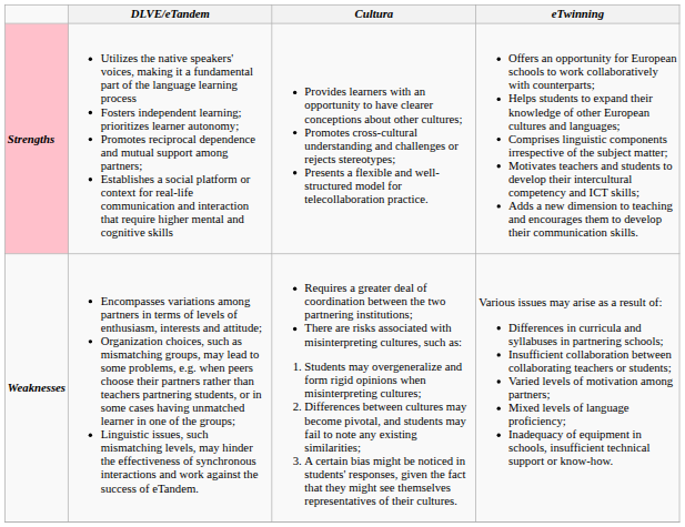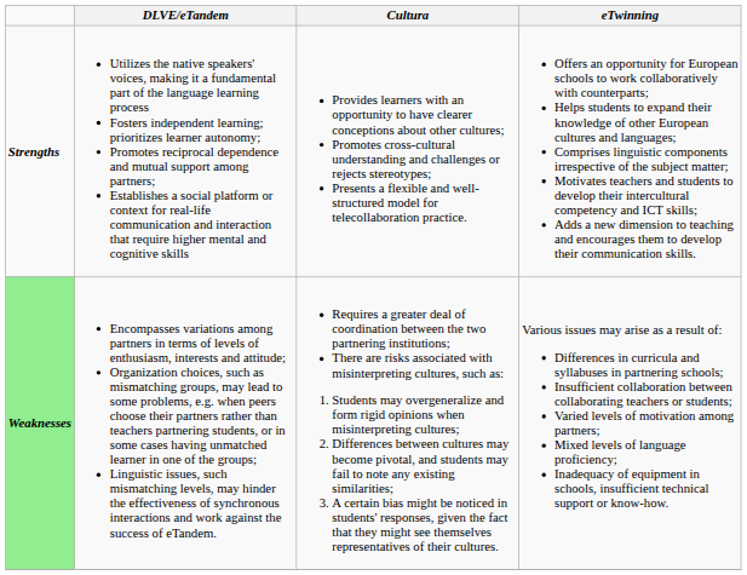 <table class="wikitable">
 <tr>
 <td style="width: 50pt;"></td>
 <th style="width: 200pt;"><em>DLVE/eTandem</em></th>
 <th style="width: 200pt;"><em>Cultura</em></th>
 <th style="width: 200pt;"><em>eTwinning</em></th>
 </tr>
 <tr>
-<td style="background: pink;"><strong><em>Strengths</em></strong></td>
+<td><strong><em>Strengths</em></strong></td>
 <td><br><ul><li>Utilizes the native speakers' voices, making it a fundamental part of the language learning process</li><li>Fosters independent learning; prioritizes learner autonomy;</li><li>Promotes reciprocal dependence and mutual support among partners;</li><li>Establishes a social platform or context for real-life communication and interaction that require higher mental and cognitive skills</li></ul></td>
 <td><br><ul><li>Provides learners with an opportunity to have clearer conceptions about other cultures;</li><li>Promotes cross-cultural understanding and challenges or rejects stereotypes;</li><li>Presents a flexible and well-structured model for telecollaboration practice.</li></ul></td>
 <td><br><ul><li>Offers an opportunity for European schools to work collaboratively with counterparts;</li><li>Helps students to expand their knowledge of other European cultures and languages;</li><li>Comprises linguistic components irrespective of the subject matter;</li><li>Motivates teachers and students to develop their intercultural competency and ICT skills;</li><li>Adds a new dimension to teaching and encourages them to develop their communication skills.</li></ul></td>
 </tr>
 <tr>
-<td><strong><em>Weaknesses</em></strong></td>
+<td style="background: lightgreen;"><strong><em>Weaknesses</em></strong></td>
 <td><br><ul><li>Encompasses variations among partners in terms of levels of enthusiasm, interests and attitude;</li><li>Organization choices, such as mismatching groups, may lead to some problems, e.g. when peers choose their partners rather than teachers partnering students, or in some cases having unmatched learner in one of the groups;</li><li>Linguistic issues, such mismatching levels, may hinder the effectiveness of synchronous interactions and work against the success of eTandem.</li></ul></td>
 <td><br><ul><li>Requires a greater deal of coordination between the two partnering institutions;</li><li>There are risks associated with misinterpreting cultures, such as:</li></ul><ol><li>Students may overgeneralize and form rigid opinions when misinterpreting cultures;</li><li>Differences between cultures may become pivotal, and students may fail to note any existing similarities;</li><li>A certain bias might be noticed in students' responses, given the fact that they might see themselves representatives of their cultures.</li></ol></td>
 <td>Various issues may arise as a result of:<br><ul><li>Differences in curricula and syllabuses in partnering schools;</li><li>Insufficient collaboration between collaborating teachers or students;</li><li>Varied levels of motivation among partners;</li><li>Mixed levels of language proficiency;</li><li>Inadequacy of equipment in schools, insufficient technical support or know-how.</li></ul></td>
 </tr>
 <tr>
 </tr>
 </table>
